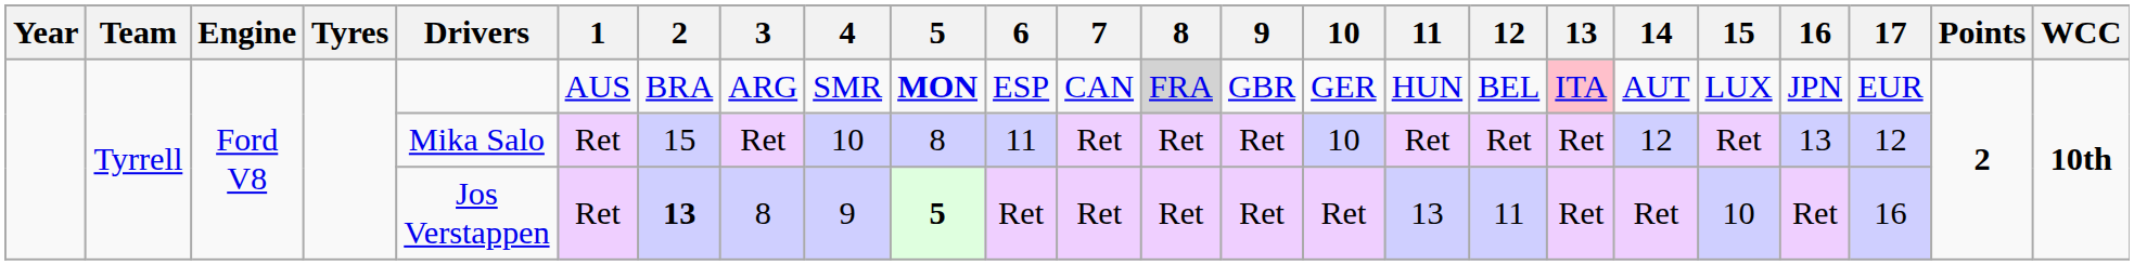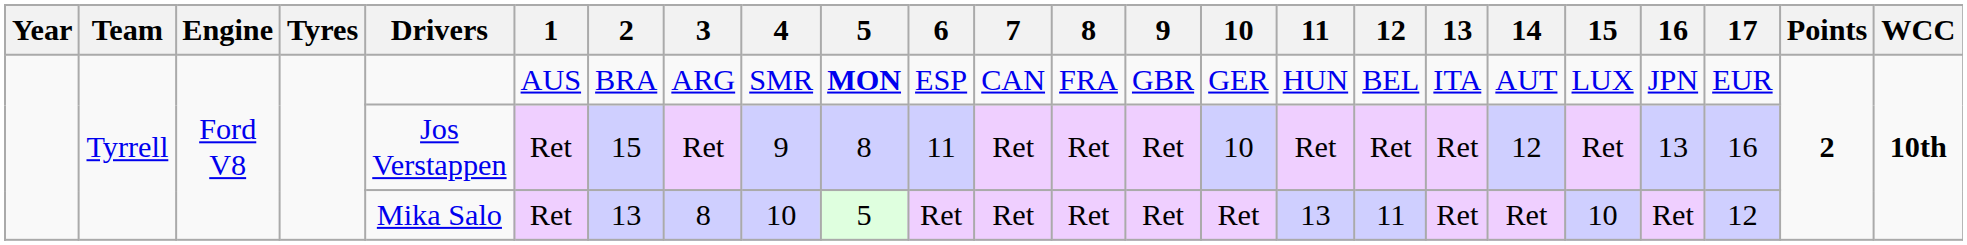 <table class="wikitable" style="text-align:center; font-size:95%">
 <tr>
 <th>Year</th>
 <th>Team</th>
 <th>Engine</th>
 <th>Tyres</th>
 <th>Drivers</th>
 <th>1</th>
 <th>2</th>
 <th>3</th>
 <th>4</th>
 <th>5</th>
 <th>6</th>
 <th>7</th>
 <th>8</th>
 <th>9</th>
 <th>10</th>
 <th>11</th>
 <th>12</th>
 <th>13</th>
 <th>14</th>
 <th>15</th>
 <th>16</th>
 <th>17</th>
 <th>Points</th>
 <th>WCC</th>
 </tr>
 <tr>
 <td rowspan="3"></td>
 <td rowspan="3"><a href='#'>Tyrrell</a></td>
 <td rowspan="3"><a href='#'>Ford</a> <a href='#'>V8</a></td>
 <td rowspan="3"></td>
 <td></td>
 <td><a href='#'>AUS</a></td>
 <td><a href='#'>BRA</a></td>
 <td><a href='#'>ARG</a></td>
 <td><a href='#'>SMR</a></td>
 <td><strong><a href='#'>MON</a></strong></td>
 <td><a href='#'>ESP</a></td>
 <td><a href='#'>CAN</a></td>
-<td style="background: lightgrey;"><a href='#'>FRA</a></td>
+<td><a href='#'>FRA</a></td>
 <td><a href='#'>GBR</a></td>
 <td><a href='#'>GER</a></td>
 <td><a href='#'>HUN</a></td>
 <td><a href='#'>BEL</a></td>
-<td style="background: pink;"><a href='#'>ITA</a></td>
+<td><a href='#'>ITA</a></td>
 <td><a href='#'>AUT</a></td>
 <td><a href='#'>LUX</a></td>
 <td><a href='#'>JPN</a></td>
 <td><a href='#'>EUR</a></td>
 <td rowspan="3"><strong>2</strong></td>
 <td rowspan="3"><strong>10th</strong></td>
 </tr>
 <tr>
-<td><a href='#'>Mika Salo</a></td>
+<td><a href='#'>Jos Verstappen</a></td>
 <td style="background:#EFCFFF;">Ret</td>
 <td style="background:#CFCFFF;">15</td>
 <td style="background:#EFCFFF;">Ret</td>
-<td style="background:#CFCFFF;">10</td>
+<td style="background:#CFCFFF;">9</td>
 <td style="background:#CFCFFF;">8</td>
 <td style="background:#CFCFFF;">11</td>
 <td style="background:#EFCFFF;">Ret</td>
 <td style="background:#EFCFFF;">Ret</td>
 <td style="background:#EFCFFF;">Ret</td>
 <td style="background:#CFCFFF;">10</td>
 <td style="background:#EFCFFF;">Ret</td>
 <td style="background:#EFCFFF;">Ret</td>
 <td style="background:#EFCFFF;">Ret</td>
 <td style="background:#CFCFFF;">12</td>
 <td style="background:#EFCFFF;">Ret</td>
 <td style="background:#CFCFFF;">13</td>
-<td style="background:#CFCFFF;">12</td>
+<td style="background:#CFCFFF;">16</td>
 </tr>
 <tr>
-<td><a href='#'>Jos Verstappen</a></td>
+<td><a href='#'>Mika Salo</a></td>
 <td style="background:#EFCFFF;">Ret</td>
-<td style="background:#CFCFFF;"><strong>13</strong></td>
+<td style="background:#CFCFFF;">13</td>
 <td style="background:#CFCFFF;">8</td>
-<td style="background:#CFCFFF;">9</td>
-<td style="background:#DFFFDF;"><strong>5</strong></td>
+<td style="background:#CFCFFF;">10</td>
+<td style="background:#DFFFDF;">5</td>
 <td style="background:#EFCFFF;">Ret</td>
 <td style="background:#EFCFFF;">Ret</td>
 <td style="background:#EFCFFF;">Ret</td>
 <td style="background:#EFCFFF;">Ret</td>
 <td style="background:#EFCFFF;">Ret</td>
 <td style="background:#CFCFFF;">13</td>
 <td style="background:#CFCFFF;">11</td>
 <td style="background:#EFCFFF;">Ret</td>
 <td style="background:#EFCFFF;">Ret</td>
 <td style="background:#CFCFFF;">10</td>
 <td style="background:#EFCFFF;">Ret</td>
-<td style="background:#CFCFFF;">16</td>
+<td style="background:#CFCFFF;">12</td>
 </tr>
 </table>
